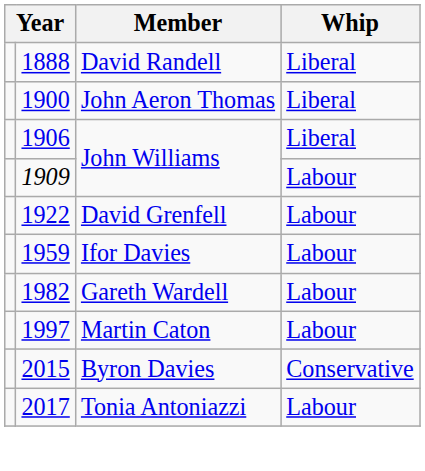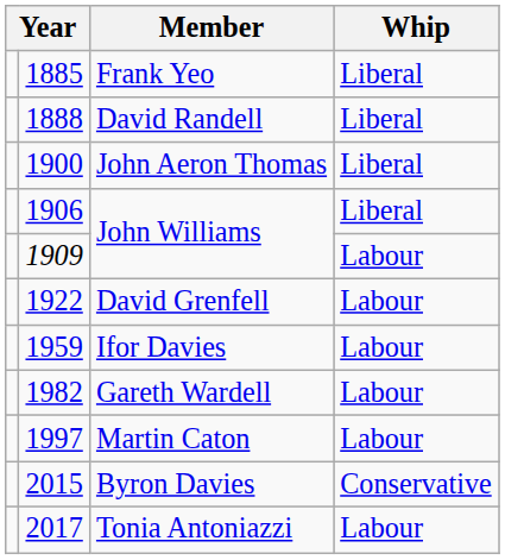 <table class="wikitable">
 <tr>
 <th colspan="2">Year</th>
 <th>Member</th>
 <th>Whip</th>
+</tr>
+<tr>
+<td style="color:inherit;background-color: "></td>
+<td><a href='#'>1885</a></td>
+<td><a href='#'>Frank Yeo</a></td>
+<td><a href='#'>Liberal</a></td>
 </tr>
 <tr>
 <td style="color:inherit;background-color: "></td>
 <td><a href='#'>1888</a></td>
 <td><a href='#'>David Randell</a></td>
 <td><a href='#'>Liberal</a></td>
 </tr>
 <tr>
 <td style="color:inherit;background-color: "></td>
 <td><a href='#'>1900</a></td>
 <td><a href='#'>John Aeron Thomas</a></td>
 <td><a href='#'>Liberal</a></td>
 </tr>
 <tr>
 <td style="color:inherit;background-color: "></td>
 <td><a href='#'>1906</a></td>
 <td rowspan="2"><a href='#'>John Williams</a></td>
 <td><a href='#'>Liberal</a></td>
 </tr>
 <tr>
 <td style="color:inherit;background-color: "></td>
 <td><em>1909</em></td>
 <td><a href='#'>Labour</a></td>
 </tr>
 <tr>
 <td style="color:inherit;background-color: "></td>
 <td><a href='#'>1922</a></td>
 <td><a href='#'>David Grenfell</a></td>
 <td><a href='#'>Labour</a></td>
 </tr>
 <tr>
 <td style="color:inherit;background-color: "></td>
 <td><a href='#'>1959</a></td>
 <td><a href='#'>Ifor Davies</a></td>
 <td><a href='#'>Labour</a></td>
 </tr>
 <tr>
 <td style="color:inherit;background-color: "></td>
 <td><a href='#'>1982</a></td>
 <td><a href='#'>Gareth Wardell</a></td>
 <td><a href='#'>Labour</a></td>
 </tr>
 <tr>
 <td style="color:inherit;background-color: "></td>
 <td><a href='#'>1997</a></td>
 <td><a href='#'>Martin Caton</a></td>
 <td><a href='#'>Labour</a></td>
 </tr>
 <tr>
 <td style="color:inherit;background-color: "></td>
 <td><a href='#'>2015</a></td>
 <td><a href='#'>Byron Davies</a></td>
 <td><a href='#'>Conservative</a></td>
 </tr>
 <tr>
 <td style="color:inherit;background-color: "></td>
 <td><a href='#'>2017</a></td>
 <td><a href='#'>Tonia Antoniazzi</a></td>
 <td><a href='#'>Labour</a></td>
 </tr>
 </table>
